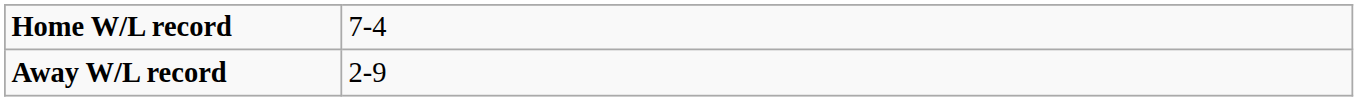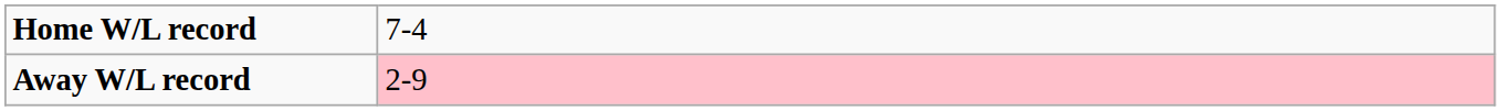 <table class="wikitable" style="width:60%;">
 <tr>
 <td style="width:25%;"><strong>Home W/L record</strong></td>
 <td>7-4</td>
 </tr>
 <tr>
 <td style="width:25%;"><strong>Away W/L record</strong></td>
-<td>2-9</td>
+<td style="background: pink;">2-9</td>
 </tr>
 </table>
